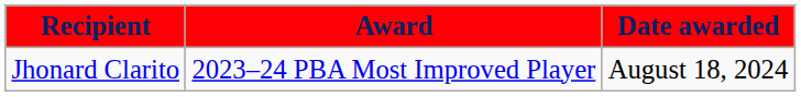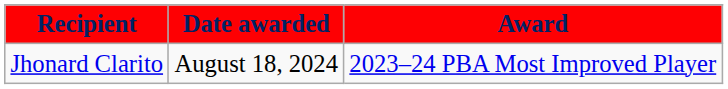 <table class="wikitable sortable sortable" style="text-align: center">
 <tr>
 <th style="background:#FE0003; color:#002366; ">Recipient</th>
+<th style="background:#FE0003; color:#002366; ">Date awarded</th>
 <th style="background:#FE0003; color:#002366; ">Award</th>
-<th style="background:#FE0003; color:#002366; ">Date awarded</th>
 </tr>
 <tr>
 <td><a href='#'>Jhonard Clarito</a></td>
+<td>August 18, 2024</td>
 <td><a href='#'>2023–24 PBA Most Improved Player</a></td>
-<td>August 18, 2024</td>
 </tr>
 </table>
